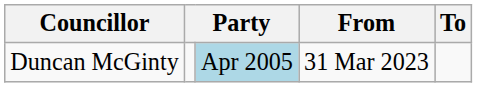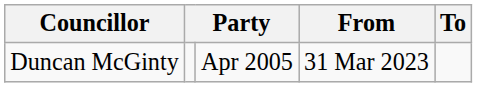 <table class=wikitable>
 <tr>
 <th>Councillor</th>
 <th colspan=2>Party</th>
 <th>From</th>
 <th>To</th>
 </tr>
 <tr>
 <td>Duncan McGinty</td>
 <td></td>
-<td align=right style="background: lightblue;">Apr 2005</td>
+<td align=right>Apr 2005</td>
 <td align=right>31 Mar 2023</td>
 </tr>
 </table>
